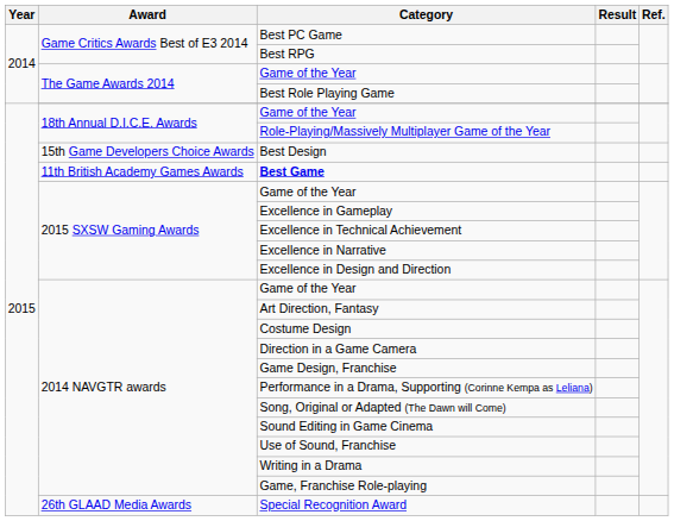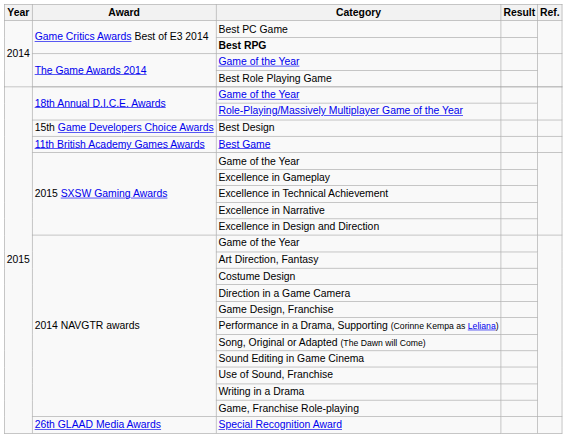 <table class="wikitable sortable" width="auto">
 <tr>
 <th>Year</th>
 <th>Award</th>
 <th>Category</th>
 <th>Result</th>
 <th class="unsortable">Ref.</th>
 </tr>
 <tr>
 <td rowspan="4" style="text-align:center;">2014</td>
 <td rowspan="2"><a href='#'>Game Critics Awards</a> Best of E3 2014</td>
 <td>Best PC Game</td>
 <td></td>
 <td rowspan="2"></td>
 </tr>
 <tr>
-<td>Best RPG</td>
+<td><strong>Best RPG</strong></td>
 <td></td>
 </tr>
 <tr>
 <td rowspan="2"><a href='#'>The Game Awards 2014</a></td>
 <td><a href='#'>Game of the Year</a></td>
 <td></td>
 <td rowspan="2"></td>
 </tr>
 <tr>
 <td>Best Role Playing Game</td>
 <td></td>
 </tr>
 <tr>
 <td rowspan="22" style="text-align:center;">2015</td>
 </tr>
 <tr>
 <td rowspan="2"><a href='#'>18th Annual D.I.C.E. Awards</a></td>
 <td><a href='#'>Game of the Year</a></td>
 <td></td>
 <td rowspan="2"></td>
 </tr>
 <tr>
 <td><a href='#'>Role-Playing/Massively Multiplayer Game of the Year</a></td>
 <td></td>
 </tr>
 <tr>
 <td>15th <a href='#'>Game Developers Choice Awards</a></td>
 <td>Best Design</td>
 <td></td>
 <td></td>
 </tr>
 <tr>
 <td><a href='#'>11th British Academy Games Awards</a></td>
-<td><strong><a href='#'>Best Game</a></strong></td>
+<td><a href='#'>Best Game</a></td>
 <td></td>
 <td></td>
 </tr>
 <tr>
 <td rowspan="5">2015 <a href='#'>SXSW Gaming Awards</a></td>
 <td>Game of the Year</td>
 <td></td>
 <td rowspan="5"></td>
 </tr>
 <tr>
 <td>Excellence in Gameplay</td>
 <td></td>
 </tr>
 <tr>
 <td>Excellence in Technical Achievement</td>
 <td></td>
 </tr>
 <tr>
 <td>Excellence in Narrative</td>
 <td></td>
 </tr>
 <tr>
 <td>Excellence in Design and Direction</td>
 <td></td>
 </tr>
 <tr>
 <td rowspan="11">2014 NAVGTR awards</td>
 <td>Game of the Year</td>
 <td></td>
 <td rowspan="11"></td>
 </tr>
 <tr>
 <td>Art Direction, Fantasy</td>
 <td></td>
 </tr>
 <tr>
 <td>Costume Design</td>
 <td></td>
 </tr>
 <tr>
 <td>Direction in a Game Camera</td>
 <td></td>
 </tr>
 <tr>
 <td>Game Design, Franchise</td>
 <td></td>
 </tr>
 <tr>
 <td>Performance in a Drama, Supporting <small>(Corinne Kempa as <a href='#'>Leliana</a>)</small></td>
 <td></td>
 </tr>
 <tr>
 <td>Song, Original or Adapted <small>(The Dawn will Come)</small></td>
 <td></td>
 </tr>
 <tr>
 <td>Sound Editing in Game Cinema</td>
 <td></td>
 </tr>
 <tr>
 <td>Use of Sound, Franchise</td>
 <td></td>
 </tr>
 <tr>
 <td>Writing in a Drama</td>
 <td></td>
 </tr>
 <tr>
 <td>Game, Franchise Role-playing</td>
 <td></td>
 </tr>
 <tr>
 <td><a href='#'>26th GLAAD Media Awards</a></td>
 <td><a href='#'>Special Recognition Award</a></td>
 <td></td>
 <td align="Center"></td>
 </tr>
 </table>
